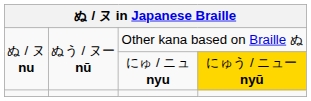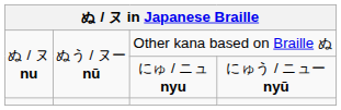 <table class="wikitable nowrap" style="text-align:center">
 <tr>
 <th colspan=4>ぬ / ヌ in <a href='#'>Japanese Braille</a></th>
 </tr>
 <tr>
 <td rowspan=2>ぬ / ヌ <br><strong>nu</strong></td>
 <td rowspan=2>ぬう / ヌー <br><strong>nū</strong></td>
 <td colspan=2>Other kana based on <a href='#'>Braille</a> ぬ</td>
 </tr>
 <tr>
 <td>にゅ / ニュ <br><strong>nyu</strong></td>
-<td style="background: gold;">にゅう / ニュー <br><strong>nyū</strong></td>
+<td>にゅう / ニュー <br><strong>nyū</strong></td>
 </tr>
 <tr>
 <td></td>
 <td></td>
 <td></td>
 <td></td>
 </tr>
 </table>
